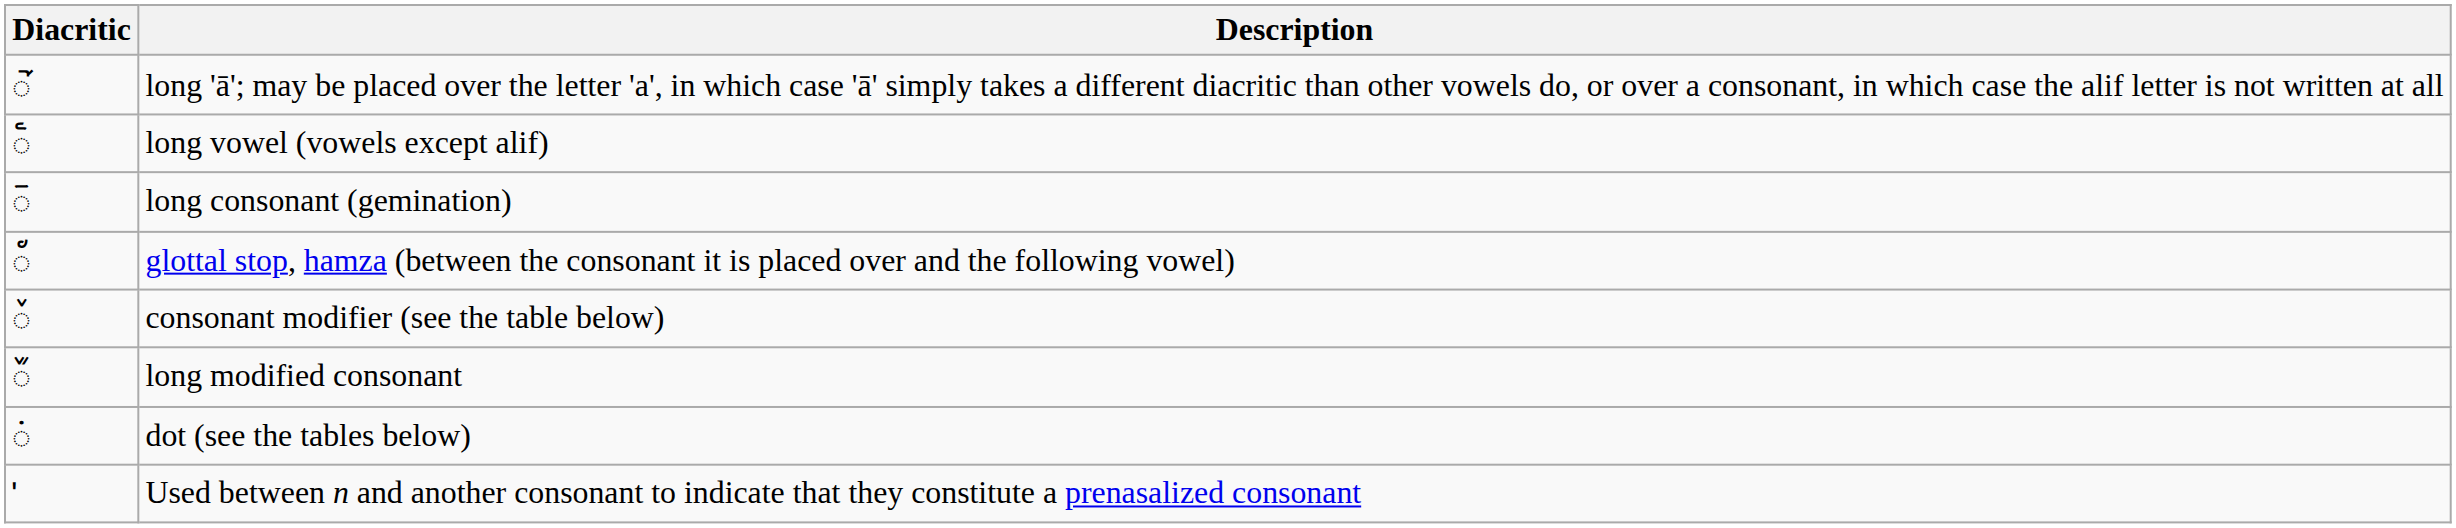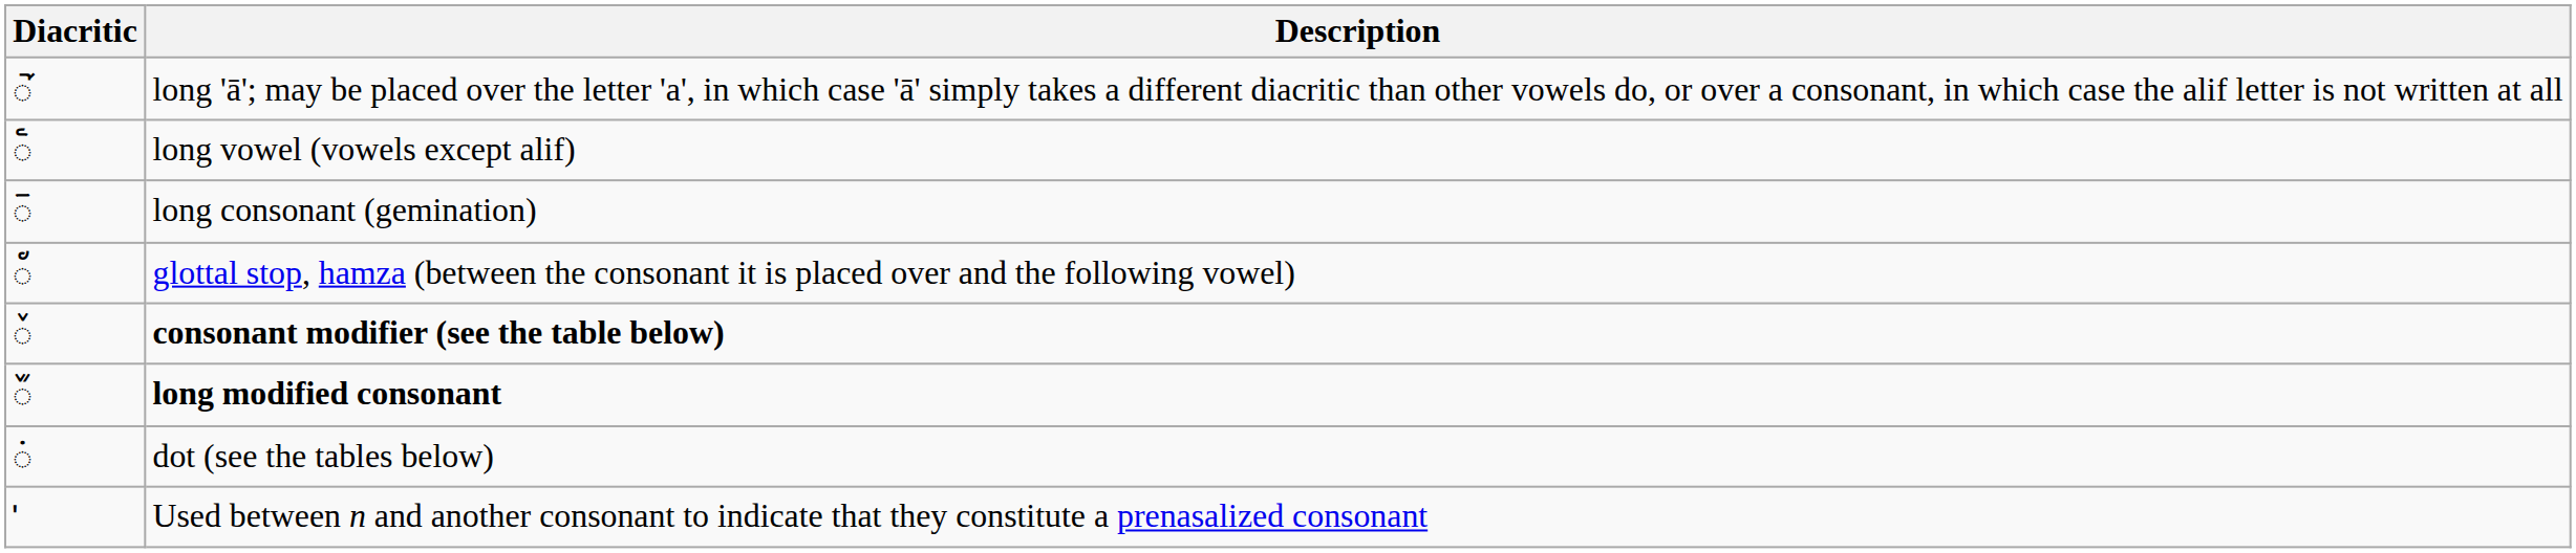 <table class=wikitable>
 <tr>
 <th>Diacritic</th>
 <th>Description</th>
 </tr>
 <tr>
 <td>◌𞥄</td>
 <td>long 'ā'; may be placed over the letter 'a', in which case 'ā' simply takes a different diacritic than other vowels do, or over a consonant, in which case the alif letter is not written at all</td>
 </tr>
 <tr>
 <td>◌𞥅</td>
 <td>long vowel (vowels except alif)</td>
 </tr>
 <tr>
 <td>◌𞥆</td>
 <td>long consonant (gemination)</td>
 </tr>
 <tr>
 <td>◌𞥇</td>
 <td><a href='#'>glottal stop</a>, <a href='#'>hamza</a> (between the consonant it is placed over and the following vowel)</td>
 </tr>
 <tr>
 <td>◌𞥈</td>
-<td>consonant modifier (see the table below)</td>
+<td><strong>consonant modifier (see the table below)</strong></td>
 </tr>
 <tr>
 <td>◌𞥉</td>
-<td>long modified consonant</td>
+<td><strong>long modified consonant</strong></td>
 </tr>
 <tr>
 <td>◌𞥊</td>
 <td>dot (see the tables below)</td>
 </tr>
 <tr>
 <td>𞥋</td>
 <td>Used between <em>n</em> and another consonant to indicate that they constitute a <a href='#'>prenasalized consonant</a></td>
 </tr>
 </table>
